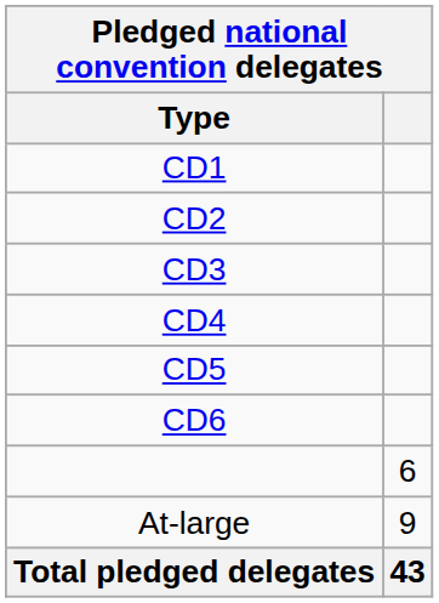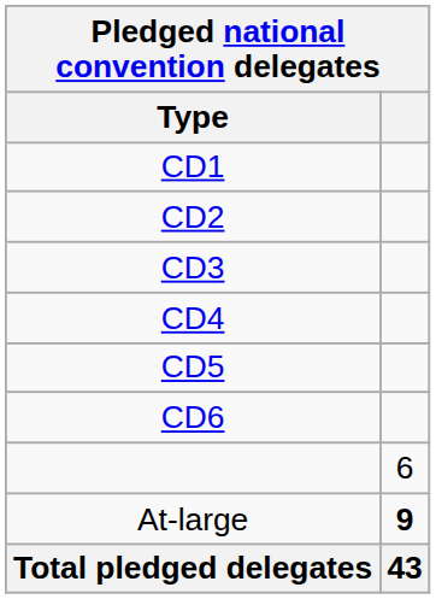 <table class="wikitable sortable" style="font-size:90%;text-align:center;float:none;padding:5px;">
 <tr>
 <th colspan="2">Pledged <a href='#'>national<br>convention</a> delegates</th>
 </tr>
 <tr>
 <th>Type</th>
 <th></th>
 </tr>
 <tr>
 <td><a href='#'>CD1</a></td>
 <td></td>
 </tr>
 <tr>
 <td><a href='#'>CD2</a></td>
 <td></td>
 </tr>
 <tr>
 <td><a href='#'>CD3</a></td>
 <td></td>
 </tr>
 <tr>
 <td><a href='#'>CD4</a></td>
 <td></td>
 </tr>
 <tr>
 <td><a href='#'>CD5</a></td>
 <td></td>
 </tr>
 <tr>
 <td><a href='#'>CD6</a></td>
 <td></td>
 </tr>
 <tr>
 <td></td>
 <td>6</td>
 </tr>
 <tr>
 <td>At-large</td>
-<td>9</td>
+<td><strong>9</strong></td>
 </tr>
 <tr>
 <th>Total pledged delegates</th>
 <th>43</th>
 </tr>
 </table>
